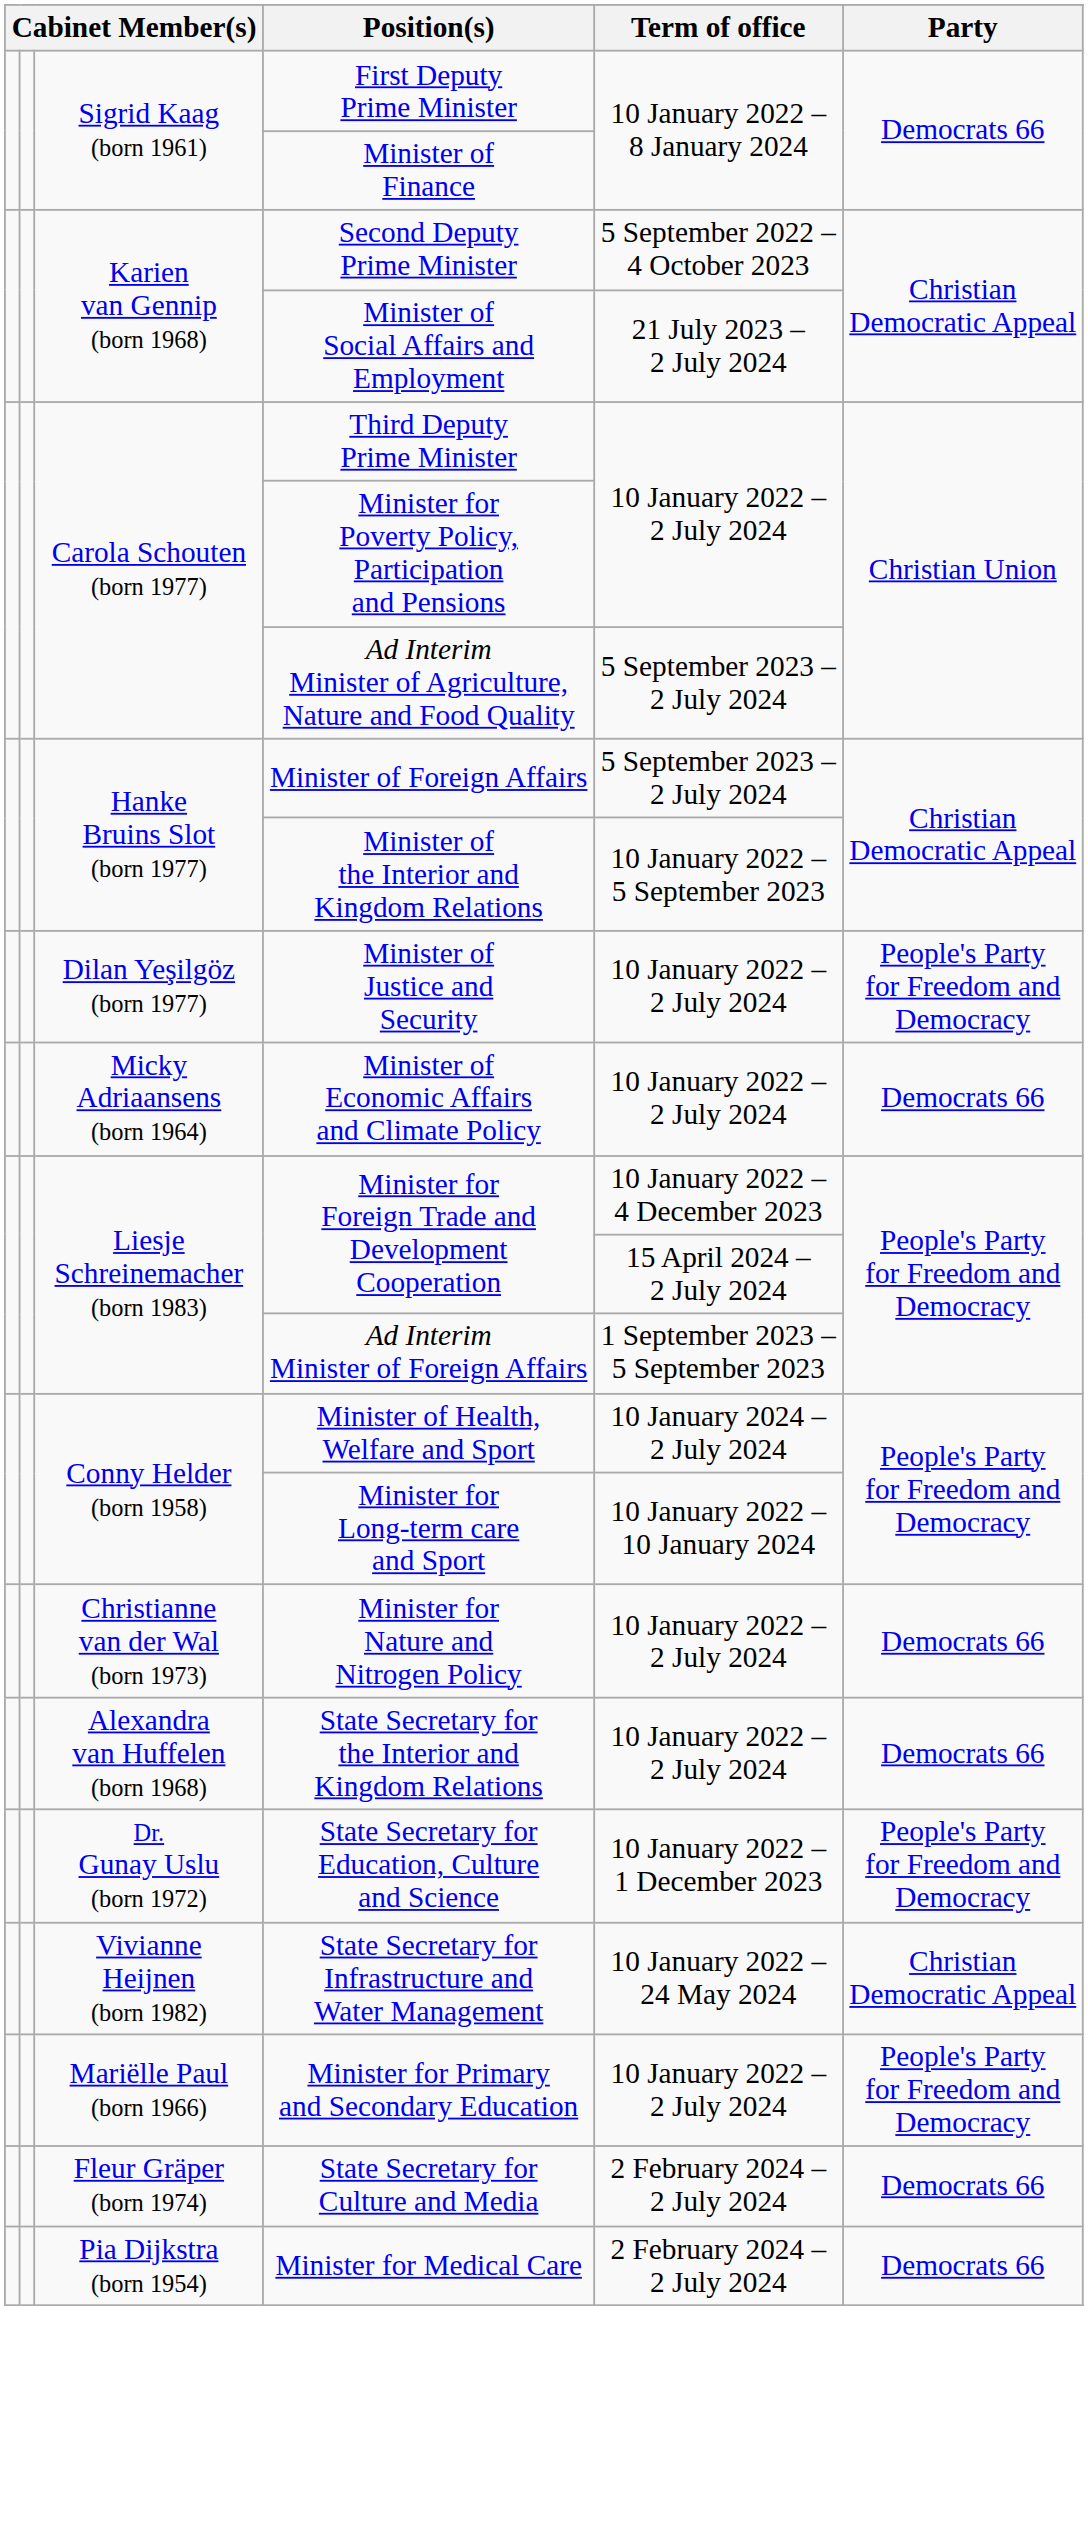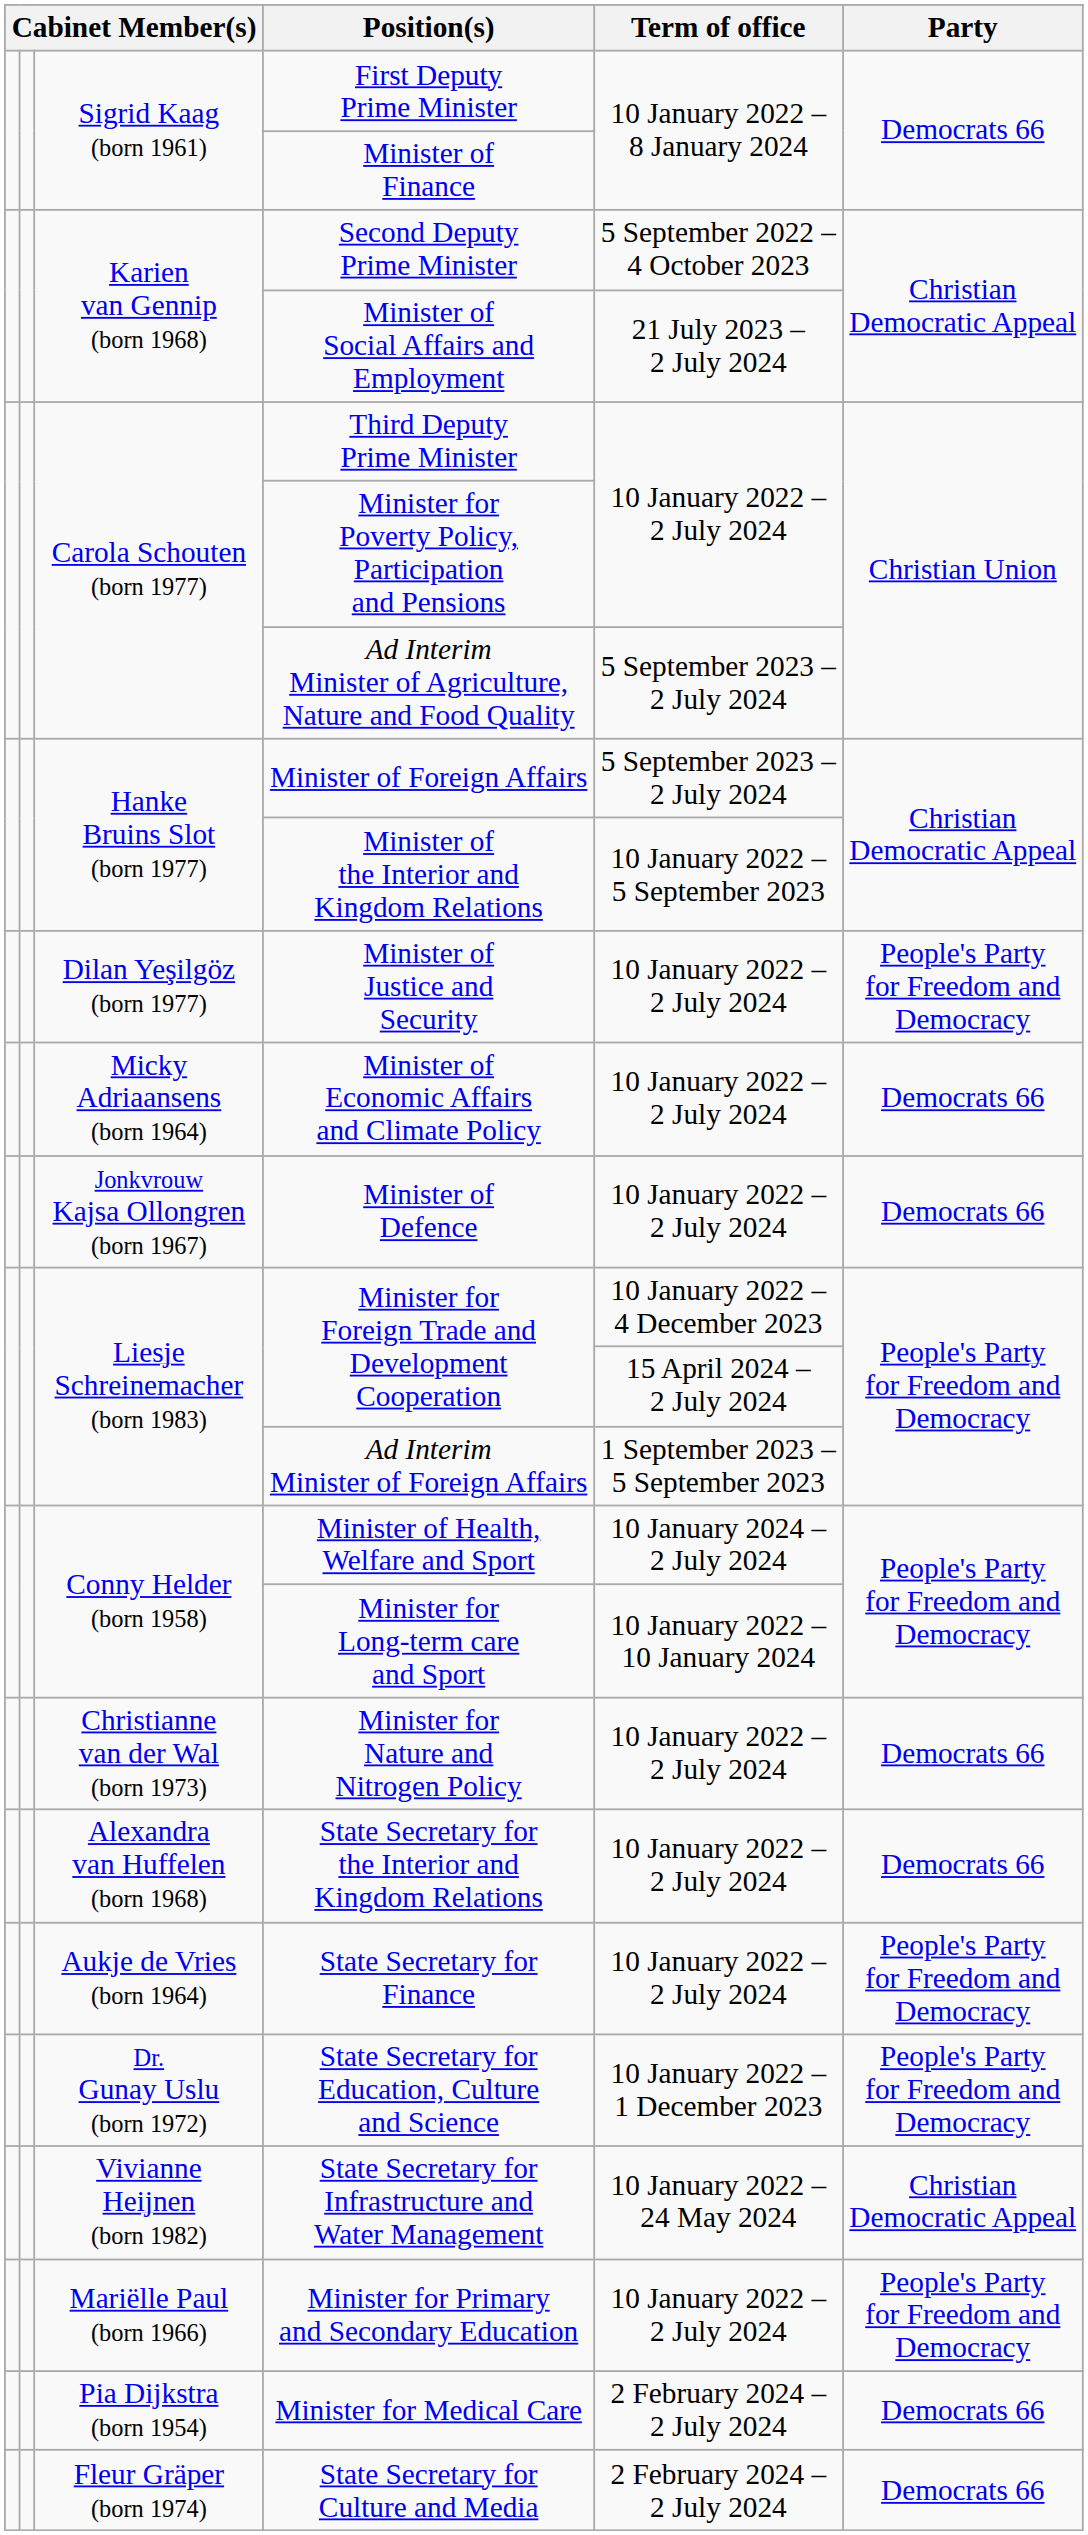 <table class="wikitable" style="text-align:center">
 <tr>
 <th colspan=3>Cabinet Member(s)</th>
 <th>Position(s)</th>
 <th>Term of office</th>
 <th>Party</th>
 </tr>
 <tr>
 <td rowspan=2 style="background:"></td>
 <td rowspan=2></td>
 <td rowspan=2><a href='#'>Sigrid Kaag</a> <br> <small>(born 1961)</small></td>
 <td><a href='#'>First Deputy <br> Prime Minister</a></td>
 <td rowspan=2>10 January 2022 – <br> 8 January 2024</td>
 <td rowspan=2><a href='#'>Democrats 66</a></td>
 </tr>
 <tr>
 <td><a href='#'>Minister of <br> Finance</a></td>
 </tr>
 <tr>
 <td rowspan=2 style="background:"></td>
 <td rowspan=2></td>
 <td rowspan=2><a href='#'>Karien <br> van Gennip</a> <br> <small>(born 1968)</small></td>
 <td><a href='#'>Second Deputy <br> Prime Minister</a></td>
 <td>5 September 2022 – <br> 4 October 2023</td>
 <td rowspan=2><a href='#'>Christian <br> Democratic Appeal</a></td>
 </tr>
 <tr>
 <td><a href='#'>Minister of <br> Social Affairs and <br> Employment</a></td>
 <td>21 July 2023 – <br> 2 July 2024</td>
 </tr>
 <tr>
 <td rowspan=3 style="background:"></td>
 <td rowspan=3></td>
 <td rowspan=3><a href='#'>Carola Schouten</a> <br> <small>(born 1977)</small></td>
 <td><a href='#'>Third Deputy <br> Prime Minister</a></td>
 <td rowspan=2>10 January 2022 – <br> 2 July 2024</td>
 <td rowspan=3><a href='#'>Christian Union</a></td>
 </tr>
 <tr>
 <td><a href='#'>Minister for <br> Poverty Policy, <br> Participation <br> and Pensions</a></td>
 </tr>
 <tr>
 <td><em>Ad Interim</em> <br> <a href='#'>Minister of Agriculture, <br> Nature and Food Quality</a></td>
 <td>5 September 2023 – <br> 2 July 2024</td>
 </tr>
 <tr>
 <td rowspan=2 style="background:"></td>
 <td rowspan=2></td>
 <td rowspan=2><a href='#'>Hanke <br> Bruins Slot</a> <br> <small>(born 1977)</small></td>
 <td><a href='#'>Minister of Foreign Affairs</a></td>
 <td>5 September 2023 – <br> 2 July 2024</td>
 <td rowspan=2><a href='#'>Christian <br> Democratic Appeal</a></td>
 </tr>
 <tr>
 <td><a href='#'>Minister of <br> the Interior and <br> Kingdom Relations</a></td>
 <td>10 January 2022 – <br> 5 September 2023</td>
 </tr>
 <tr>
 <td style="background:"></td>
 <td></td>
 <td><a href='#'>Dilan Yeşilgöz</a> <br> <small>(born 1977)</small></td>
 <td><a href='#'>Minister of <br> Justice and <br> Security</a></td>
 <td>10 January 2022 – <br> 2 July 2024</td>
 <td><a href='#'>People's Party <br> for Freedom and <br> Democracy</a></td>
 </tr>
 <tr>
 <td style="background:"></td>
 <td></td>
 <td><a href='#'>Micky <br> Adriaansens</a> <br> <small>(born 1964)</small></td>
 <td><a href='#'>Minister of <br> Economic Affairs <br> and Climate Policy</a></td>
 <td>10 January 2022 – <br> 2 July 2024</td>
 <td><a href='#'>Democrats 66</a></td>
 </tr>
 <tr>
+<td style="background:"></td>
+<td></td>
+<td><small><a href='#'>Jonkvrouw</a></small> <br> <a href='#'>Kajsa Ollongren</a> <br> <small>(born 1967)</small></td>
+<td><a href='#'>Minister of <br> Defence</a></td>
+<td>10 January 2022 – <br> 2 July 2024</td>
+<td><a href='#'>Democrats 66</a></td>
+</tr>
+<tr>
 <td rowspan=3 style="background:"></td>
 <td rowspan=3></td>
 <td rowspan=3><a href='#'>Liesje <br> Schreinemacher</a> <br> <small>(born 1983)</small></td>
 <td rowspan=2><a href='#'>Minister for <br> Foreign Trade and <br> Development <br> Cooperation</a></td>
 <td>10 January 2022 – <br> 4 December 2023</td>
 <td rowspan=3><a href='#'>People's Party <br> for Freedom and <br> Democracy</a></td>
 </tr>
 <tr>
 <td>15 April 2024 – <br> 2 July 2024</td>
 </tr>
 <tr>
 <td><em>Ad Interim</em> <br> <a href='#'>Minister of Foreign Affairs</a></td>
 <td>1 September 2023 – <br> 5 September 2023</td>
 </tr>
 <tr>
 <td rowspan=2 style="background:"></td>
 <td rowspan=2></td>
 <td rowspan=2><a href='#'>Conny Helder</a> <br> <small>(born 1958)</small></td>
 <td><a href='#'>Minister of Health, <br> Welfare and Sport</a></td>
 <td>10 January 2024 – <br> 2 July 2024</td>
 <td rowspan=2><a href='#'>People's Party <br> for Freedom and <br> Democracy</a></td>
 </tr>
 <tr>
 <td><a href='#'>Minister for <br> Long-term care <br> and Sport</a></td>
 <td>10 January 2022 – <br> 10 January 2024</td>
 </tr>
 <tr>
 <td style="background:"></td>
 <td></td>
 <td><a href='#'>Christianne <br> van der Wal</a> <br> <small>(born 1973)</small></td>
 <td><a href='#'>Minister for <br> Nature and <br> Nitrogen Policy</a></td>
 <td>10 January 2022 – <br> 2 July 2024</td>
 <td><a href='#'>Democrats 66</a></td>
 </tr>
 <tr>
 <td style="background:"></td>
 <td></td>
 <td><a href='#'>Alexandra <br> van Huffelen</a> <br> <small>(born 1968)</small></td>
 <td><a href='#'>State Secretary for <br> the Interior and <br> Kingdom Relations</a></td>
 <td>10 January 2022 – <br> 2 July 2024</td>
 <td><a href='#'>Democrats 66</a></td>
 </tr>
 <tr>
 <td style="background:"></td>
 <td></td>
+<td><a href='#'>Aukje de Vries</a> <br> <small>(born 1964)</small></td>
+<td><a href='#'>State Secretary for <br> Finance</a></td>
+<td>10 January 2022 – <br> 2 July 2024</td>
+<td><a href='#'>People's Party <br> for Freedom and <br> Democracy</a></td>
+</tr>
+<tr>
+<td style="background:"></td>
+<td></td>
 <td><small><a href='#'>Dr.</a></small> <br> <a href='#'>Gunay Uslu</a> <br> <small>(born 1972)</small></td>
 <td><a href='#'>State Secretary for <br> Education, Culture <br> and Science</a></td>
 <td>10 January 2022 – <br> 1 December 2023</td>
 <td><a href='#'>People's Party <br> for Freedom and <br> Democracy</a></td>
 </tr>
 <tr>
 <td style="background:"></td>
 <td></td>
 <td><a href='#'>Vivianne <br> Heijnen</a> <br> <small>(born 1982)</small></td>
 <td><a href='#'>State Secretary for <br> Infrastructure and <br> Water Management</a></td>
 <td>10 January 2022 – <br> 24 May 2024</td>
 <td><a href='#'>Christian <br> Democratic Appeal</a></td>
 </tr>
 <tr>
 <td style="background:"></td>
 <td></td>
 <td><a href='#'>Mariëlle Paul</a> <br> <small>(born 1966)</small></td>
 <td><a href='#'>Minister for Primary <br> and Secondary Education</a></td>
 <td>10 January 2022 – <br> 2 July 2024</td>
 <td><a href='#'>People's Party <br> for Freedom and <br> Democracy</a></td>
 </tr>
 <tr>
 <td style="background:"></td>
 <td></td>
-<td><a href='#'>Fleur Gräper</a> <br> <small>(born 1974)</small></td>
-<td><a href='#'>State Secretary for <br> Culture and Media</a></td>
+<td><a href='#'>Pia Dijkstra</a> <br> <small>(born 1954)</small></td>
+<td><a href='#'>Minister for Medical Care</a></td>
 <td>2 February 2024 – <br> 2 July 2024</td>
 <td><a href='#'>Democrats 66</a></td>
 </tr>
 <tr>
 <td style="background:"></td>
 <td></td>
-<td><a href='#'>Pia Dijkstra</a> <br> <small>(born 1954)</small></td>
-<td><a href='#'>Minister for Medical Care</a></td>
+<td><a href='#'>Fleur Gräper</a> <br> <small>(born 1974)</small></td>
+<td><a href='#'>State Secretary for <br> Culture and Media</a></td>
 <td>2 February 2024 – <br> 2 July 2024</td>
 <td><a href='#'>Democrats 66</a></td>
 </tr>
 </table>
